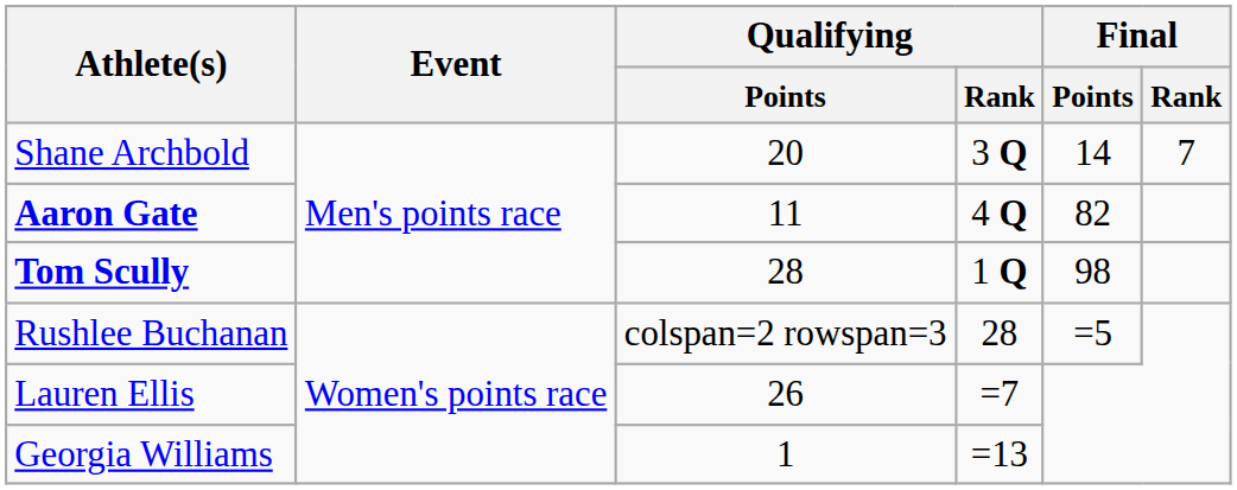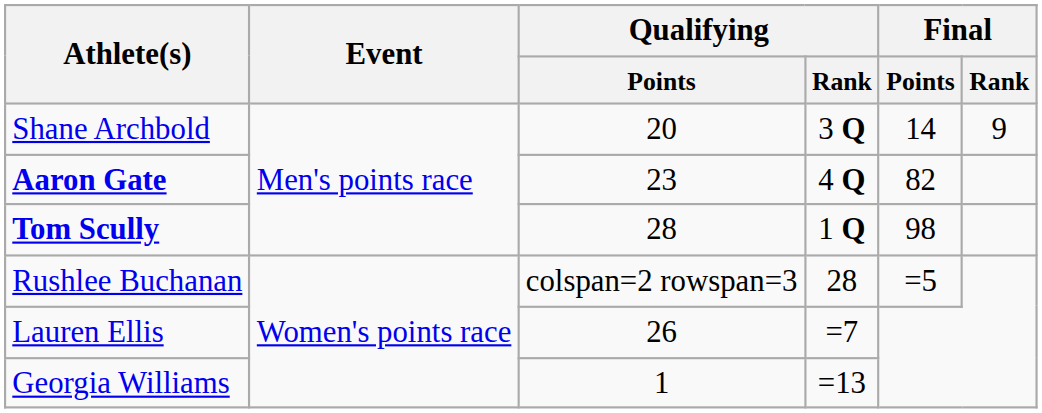 <table class=wikitable style="text-align:center;font-size:90%">
 <tr>
 <th rowspan="2">Athlete(s)</th>
 <th rowspan="2">Event</th>
 <th colspan="2">Qualifying</th>
 <th colspan="2">Final</th>
 </tr>
 <tr>
 <th style="line-height:1em"><small>Points</small></th>
 <th style="line-height:1em"><small>Rank</small></th>
 <th style="line-height:1em"><small>Points</small></th>
 <th style="line-height:1em"><small>Rank</small></th>
 </tr>
 <tr>
 <td align=left><a href='#'>Shane Archbold</a></td>
 <td rowspan=3 align=left><a href='#'>Men's points race</a></td>
 <td>20</td>
 <td>3 <strong>Q</strong></td>
 <td>14</td>
-<td>7</td>
+<td>9</td>
 </tr>
 <tr>
 <td align=left><strong><a href='#'>Aaron Gate</a></strong></td>
-<td>11</td>
+<td>23</td>
 <td>4 <strong>Q</strong></td>
 <td>82</td>
 <td></td>
 </tr>
 <tr>
 <td align=left><strong><a href='#'>Tom Scully</a></strong></td>
 <td>28</td>
 <td>1 <strong>Q</strong></td>
 <td>98</td>
 <td></td>
 </tr>
 <tr>
 <td align=left><a href='#'>Rushlee Buchanan</a></td>
 <td rowspan=3 align=left><a href='#'>Women's points race</a></td>
 <td>colspan=2 rowspan=3 </td>
 <td>28</td>
 <td>=5</td>
 </tr>
 <tr>
 <td align=left><a href='#'>Lauren Ellis</a></td>
 <td>26</td>
 <td>=7</td>
 </tr>
 <tr>
 <td align=left><a href='#'>Georgia Williams</a></td>
 <td>1</td>
 <td>=13</td>
 </tr>
 </table>
